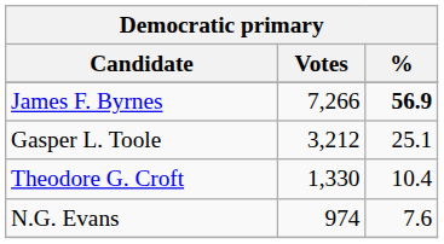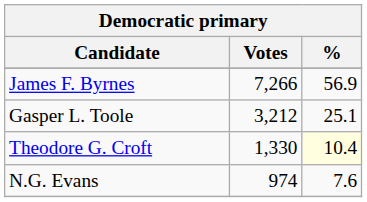 <table class="wikitable" align="left" style="margin: 1em 1em 1em 0; font-size: 95%;">
 <tr>
 <th colspan="3">Democratic primary</th>
 </tr>
 <tr>
 <th colspan="1" style="width: 170px">Candidate</th>
 <th style="width: 50px">Votes</th>
 <th style="width: 40px">%</th>
 </tr>
 <tr>
 </tr>
 <tr>
 <td><a href='#'>James F. Byrnes</a></td>
 <td align="right">7,266</td>
-<td align="right"><strong>56.9</strong></td>
+<td align="right">56.9</td>
 </tr>
 <tr>
 <td>Gasper L. Toole</td>
 <td align="right">3,212</td>
 <td align="right">25.1</td>
 </tr>
 <tr>
 <td><a href='#'>Theodore G. Croft</a></td>
 <td align="right">1,330</td>
-<td align="right">10.4</td>
+<td align="right" style="background: lightyellow;">10.4</td>
 </tr>
 <tr>
 <td>N.G. Evans</td>
 <td align="right">974</td>
 <td align="right">7.6</td>
 </tr>
 <tr>
 </tr>
 </table>
